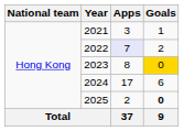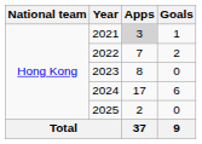 <table class="wikitable" style="text-align:center">
 <tr>
 <th>National team</th>
 <th>Year</th>
 <th>Apps</th>
 <th>Goals</th>
 </tr>
 <tr>
 <td rowspan="5"><a href='#'>Hong Kong</a></td>
 <td>2021</td>
-<td>3</td>
+<td style="background: lightgrey;">3</td>
 <td>1</td>
 </tr>
 <tr>
 <td>2022</td>
-<td style="background: lavender;">7</td>
+<td>7</td>
 <td>2</td>
 </tr>
 <tr>
 <td>2023</td>
 <td>8</td>
-<td style="background: gold;">0</td>
+<td>0</td>
 </tr>
 <tr>
 <td>2024</td>
 <td>17</td>
 <td>6</td>
 </tr>
 <tr>
 <td>2025</td>
 <td>2</td>
-<td><strong>0</strong></td>
+<td>0</td>
 </tr>
 <tr>
 <th colspan="2">Total</th>
 <th>37</th>
 <th>9</th>
 </tr>
 </table>
